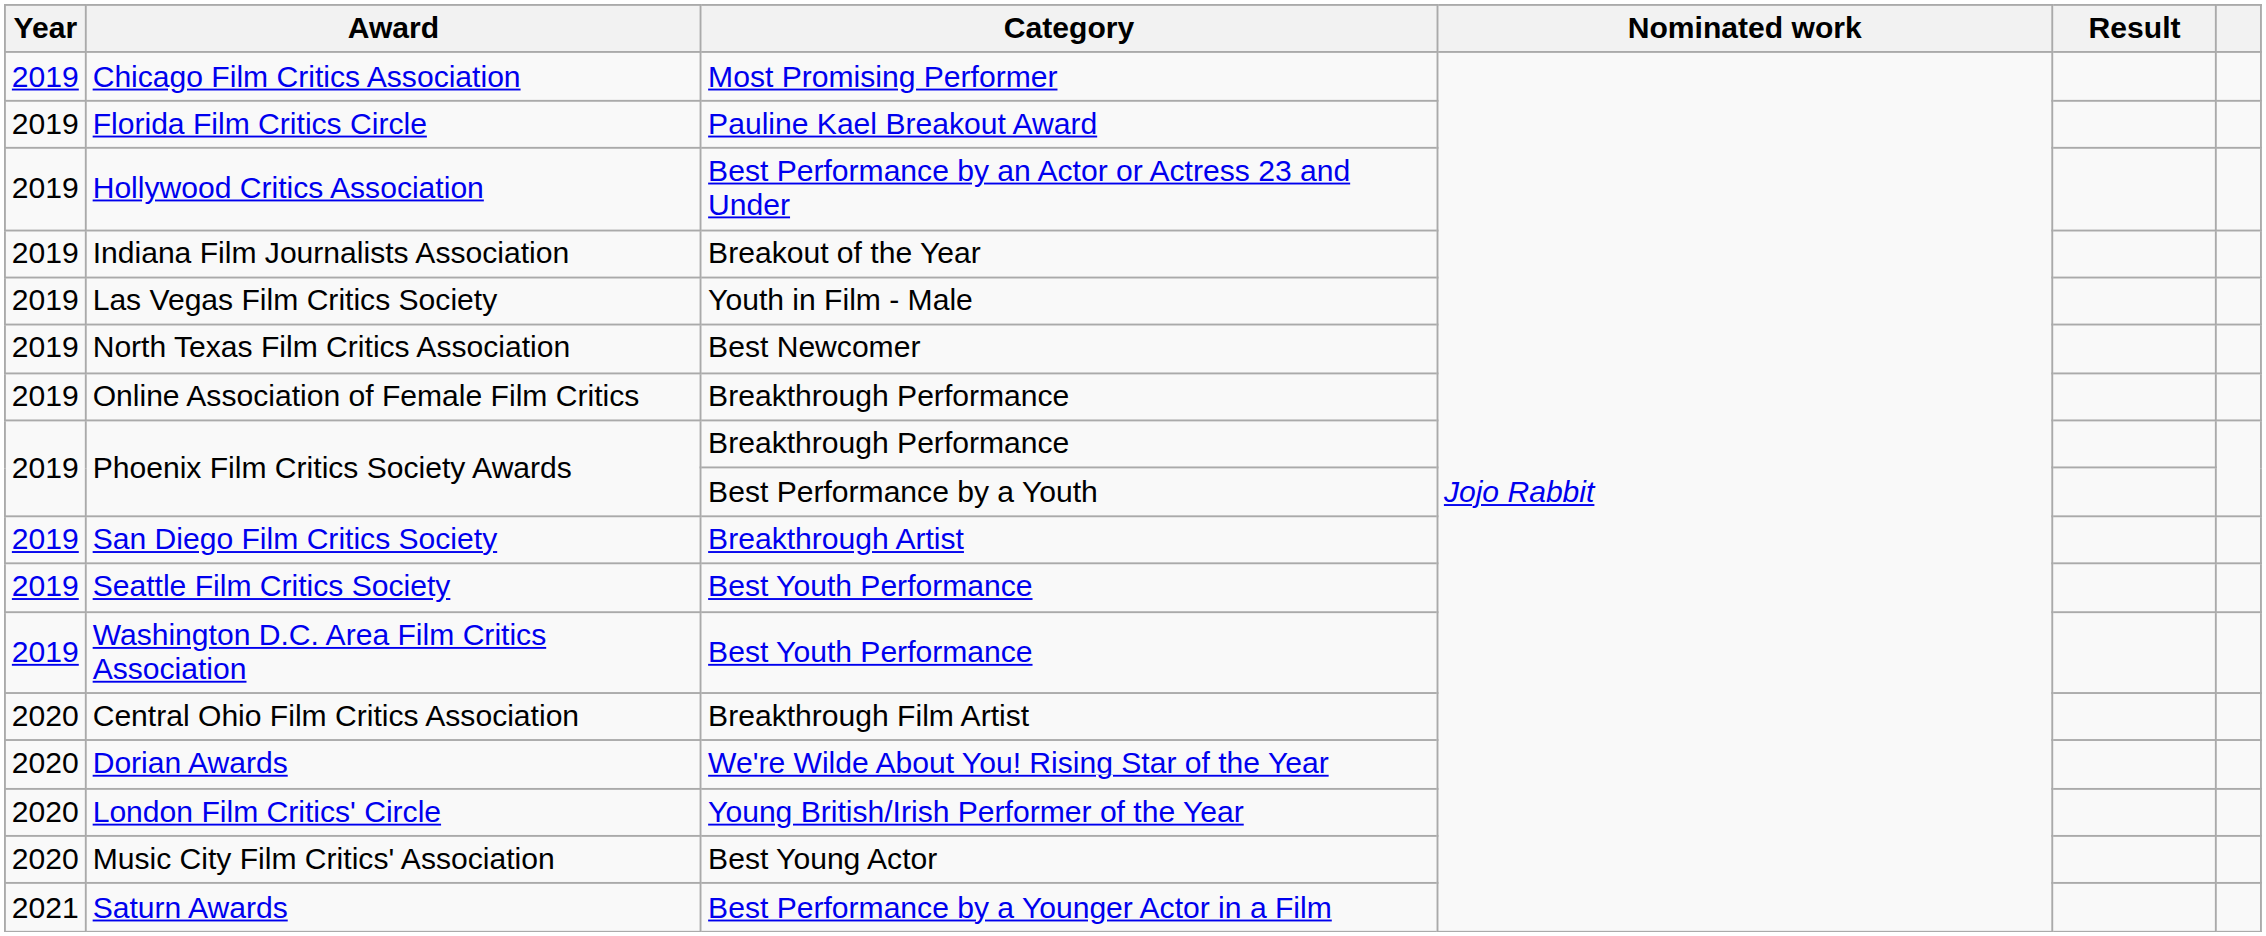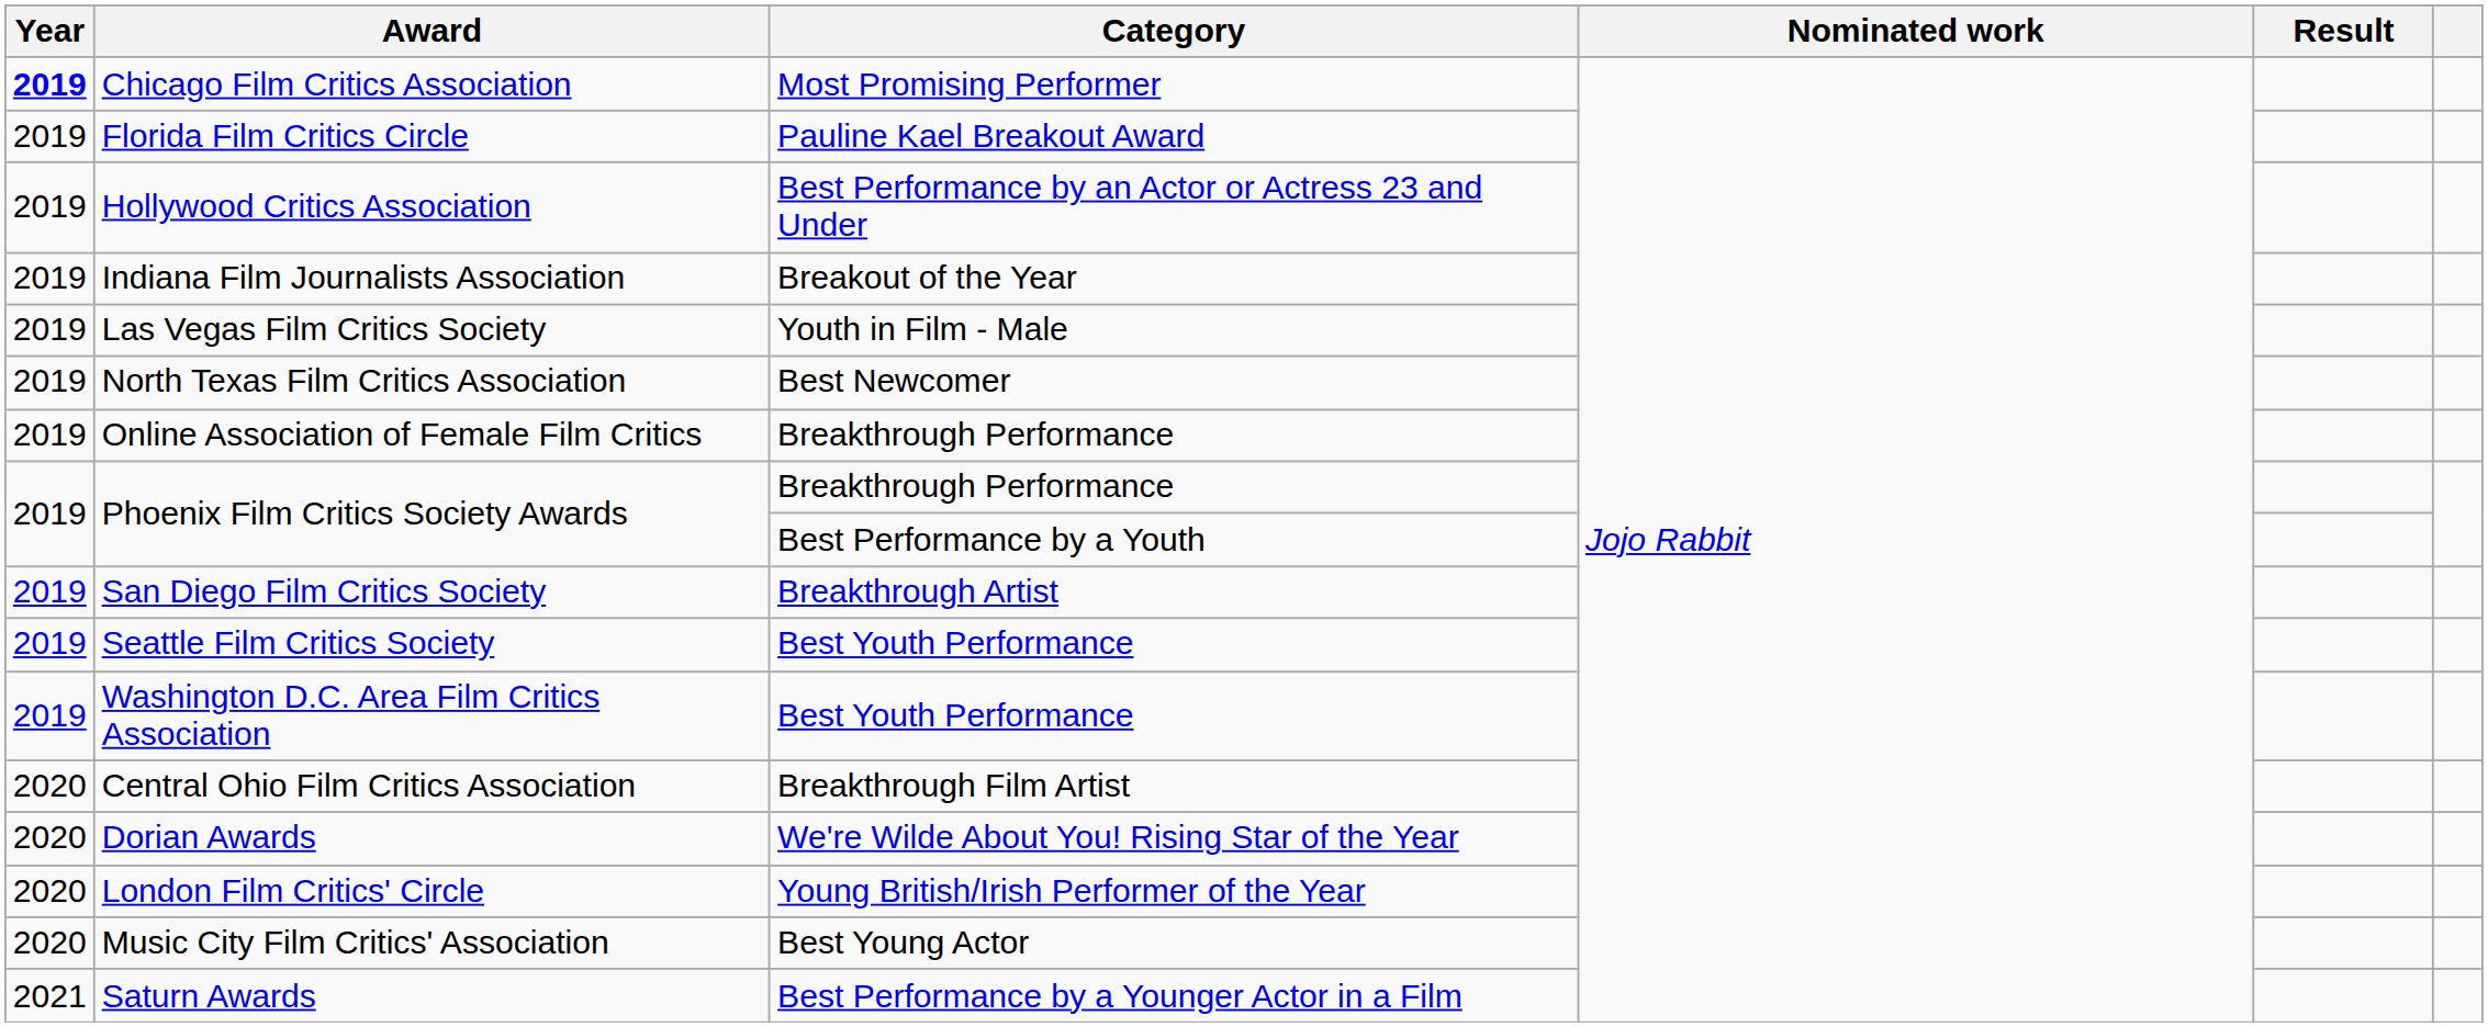 <table class="wikitable sortable">
 <tr>
 <th scope="col" style="width:1em;">Year</th>
 <th scope="col" style="width:20em;">Award</th>
 <th scope="col" style="width:24em;">Category</th>
 <th scope="col" style="width:20em;">Nominated work</th>
 <th scope="col" style="width:5em;">Result</th>
 <th scope="col" style="width:1em;"class="unsortable"></th>
 </tr>
 <tr>
-<td><a href='#'>2019</a></td>
+<td><strong><a href='#'>2019</a></strong></td>
 <td><a href='#'>Chicago Film Critics Association</a></td>
 <td><a href='#'>Most Promising Performer</a></td>
 <td rowspan="17"><em><a href='#'>Jojo Rabbit</a></em></td>
 <td></td>
 <td></td>
 </tr>
 <tr>
 <td>2019</td>
 <td><a href='#'>Florida Film Critics Circle</a></td>
 <td><a href='#'>Pauline Kael Breakout Award</a></td>
 <td></td>
 <td></td>
 </tr>
 <tr>
 <td>2019</td>
 <td><a href='#'>Hollywood Critics Association</a></td>
 <td><a href='#'>Best Performance by an Actor or Actress 23 and Under</a></td>
 <td></td>
 <td></td>
 </tr>
 <tr>
 <td>2019</td>
 <td>Indiana Film Journalists Association</td>
 <td>Breakout of the Year</td>
 <td></td>
 <td></td>
 </tr>
 <tr>
 <td>2019</td>
 <td>Las Vegas Film Critics Society</td>
 <td>Youth in Film - Male</td>
 <td></td>
 <td></td>
 </tr>
 <tr>
 <td>2019</td>
 <td>North Texas Film Critics Association</td>
 <td>Best Newcomer</td>
 <td></td>
 <td></td>
 </tr>
 <tr>
 <td>2019</td>
 <td>Online Association of Female Film Critics</td>
 <td>Breakthrough Performance</td>
 <td></td>
 <td></td>
 </tr>
 <tr>
 <td rowspan="2">2019</td>
 <td rowspan="2">Phoenix Film Critics Society Awards</td>
 <td>Breakthrough Performance</td>
 <td></td>
 <td rowspan="2"></td>
 </tr>
 <tr>
 <td>Best Performance by a Youth</td>
 <td></td>
 </tr>
 <tr>
 <td><a href='#'>2019</a></td>
 <td><a href='#'>San Diego Film Critics Society</a></td>
 <td><a href='#'>Breakthrough Artist</a></td>
 <td></td>
 <td></td>
 </tr>
 <tr>
 <td><a href='#'>2019</a></td>
 <td><a href='#'>Seattle Film Critics Society</a></td>
 <td><a href='#'>Best Youth Performance</a></td>
 <td></td>
 <td></td>
 </tr>
 <tr>
 <td><a href='#'>2019</a></td>
 <td><a href='#'>Washington D.C. Area Film Critics Association</a></td>
 <td><a href='#'>Best Youth Performance</a></td>
 <td></td>
 <td></td>
 </tr>
 <tr>
 <td>2020</td>
 <td>Central Ohio Film Critics Association</td>
 <td>Breakthrough Film Artist</td>
 <td></td>
 <td></td>
 </tr>
 <tr>
 <td>2020</td>
 <td><a href='#'>Dorian Awards</a></td>
 <td><a href='#'>We're Wilde About You! Rising Star of the Year</a></td>
 <td></td>
 <td></td>
 </tr>
 <tr>
 <td>2020</td>
 <td><a href='#'>London Film Critics' Circle</a></td>
 <td><a href='#'>Young British/Irish Performer of the Year</a></td>
 <td></td>
 <td></td>
 </tr>
 <tr>
 <td>2020</td>
 <td>Music City Film Critics' Association</td>
 <td>Best Young Actor</td>
 <td></td>
 <td></td>
 </tr>
 <tr>
 <td>2021</td>
 <td><a href='#'>Saturn Awards</a></td>
 <td><a href='#'>Best Performance by a Younger Actor in a Film</a></td>
 <td></td>
 <td></td>
 </tr>
 </table>
